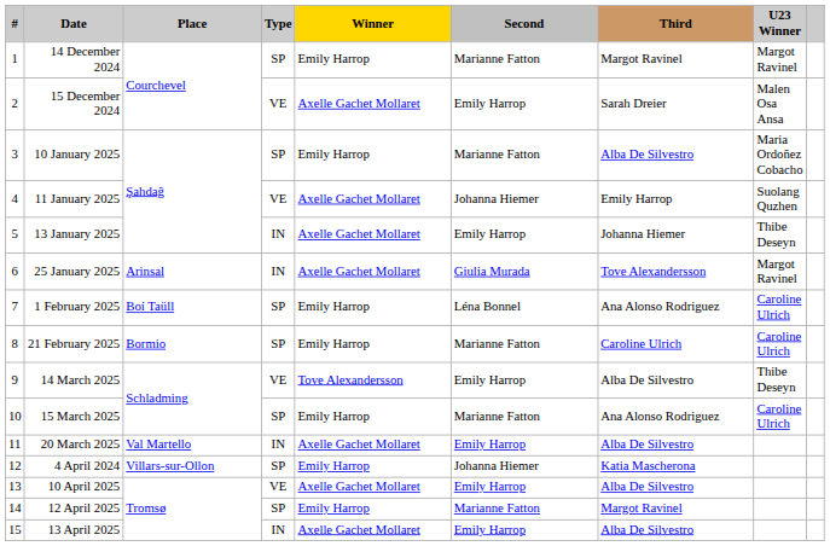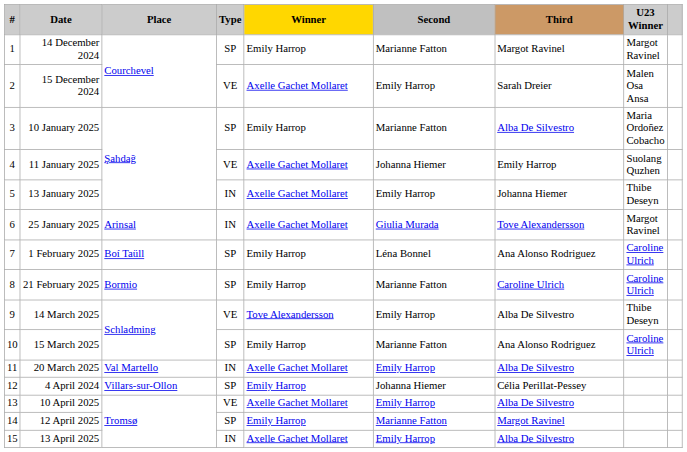 <table class="wikitable plainrowheaders" style="background:#fff; font-size:86%; line-height:16px; border:grey solid 1px; border-collapse:collapse;">
 <tr>
 <th scope="col" style="background:#ccc; width=30 px;">#</th>
 <th scope="col" style="background:#ccc; width:120px;">Date</th>
 <th scope="col" style="background:#ccc; width:180px;">Place</th>
 <th scope="col" style="background:#ccc;">Type</th>
 <th scope="col" style="background:gold; width:200px;">Winner</th>
 <th scope="col" style="background:silver; width:200px;">Second</th>
 <th scope="col" style="background:#c96; width:200px;">Third</th>
 <th scope="col" style="background:#ccc;">U23 Winner</th>
 <th scope="col" style="background:#ccc; width:20px;"></th>
 </tr>
 <tr>
 <td align="center">1</td>
 <td align="right">14 December 2024</td>
 <td rowspan="2"> <a href='#'>Courchevel</a></td>
 <td align="center">SP</td>
 <td> Emily Harrop</td>
 <td> Marianne Fatton</td>
 <td> Margot Ravinel</td>
 <td> Margot Ravinel</td>
 <td></td>
 </tr>
 <tr>
 <td align="center">2</td>
 <td align="right">15 December 2024</td>
 <td align="center">VE</td>
 <td> <a href='#'>Axelle Gachet Mollaret</a></td>
 <td> Emily Harrop</td>
 <td> Sarah Dreier</td>
 <td> Malen Osa Ansa</td>
 <td></td>
 </tr>
 <tr>
 <td align="center">3</td>
 <td align="right">10 January 2025</td>
 <td rowspan="3"> <a href='#'>Şahdağ</a></td>
 <td align="center">SP</td>
 <td> Emily Harrop</td>
 <td> Marianne Fatton</td>
 <td> <a href='#'>Alba De Silvestro</a></td>
 <td> Maria Ordoñez Cobacho</td>
 <td></td>
 </tr>
 <tr>
 <td align="center">4</td>
 <td align="right">11 January 2025</td>
 <td align="center">VE</td>
 <td> <a href='#'>Axelle Gachet Mollaret</a></td>
 <td> Johanna Hiemer</td>
 <td> Emily Harrop</td>
 <td> Suolang Quzhen</td>
 <td></td>
 </tr>
 <tr>
 <td align="center">5</td>
 <td align="right">13 January 2025</td>
 <td align="center">IN</td>
 <td> <a href='#'>Axelle Gachet Mollaret</a></td>
 <td> Emily Harrop</td>
 <td> Johanna Hiemer</td>
 <td> Thibe Deseyn</td>
 <td></td>
 </tr>
 <tr>
 <td align="center">6</td>
 <td align="right">25 January 2025</td>
 <td> <a href='#'>Arinsal</a></td>
 <td align="center">IN</td>
 <td> <a href='#'>Axelle Gachet Mollaret</a></td>
 <td> <a href='#'>Giulia Murada</a></td>
 <td> <a href='#'>Tove Alexandersson</a></td>
 <td> Margot Ravinel</td>
 <td></td>
 </tr>
 <tr>
 <td align="center">7</td>
 <td align="right">1 February 2025</td>
 <td> <a href='#'>Boí Taüll</a></td>
 <td align="center">SP</td>
 <td> Emily Harrop</td>
 <td> Léna Bonnel</td>
 <td> Ana Alonso Rodriguez</td>
 <td> <a href='#'>Caroline Ulrich</a></td>
 <td></td>
 </tr>
 <tr>
 <td align="center">8</td>
 <td align="right">21 February 2025</td>
 <td> <a href='#'>Bormio</a></td>
 <td align="center">SP</td>
 <td> Emily Harrop</td>
 <td> Marianne Fatton</td>
 <td> <a href='#'>Caroline Ulrich</a></td>
 <td> <a href='#'>Caroline Ulrich</a></td>
 <td></td>
 </tr>
 <tr>
 <td align="center">9</td>
 <td align="right">14 March 2025</td>
 <td rowspan="2"> <a href='#'>Schladming</a></td>
 <td align="center">VE</td>
 <td> <a href='#'>Tove Alexandersson</a></td>
 <td> Emily Harrop</td>
 <td> Alba De Silvestro</td>
 <td> Thibe Deseyn</td>
 <td></td>
 </tr>
 <tr>
 <td align="center">10</td>
 <td align="right">15 March 2025</td>
 <td align="center">SP</td>
 <td> Emily Harrop</td>
 <td> Marianne Fatton</td>
 <td> Ana Alonso Rodriguez</td>
 <td> <a href='#'>Caroline Ulrich</a></td>
 <td></td>
 </tr>
 <tr>
 <td align="center">11</td>
 <td align="right">20 March 2025</td>
 <td> <a href='#'>Val Martello</a></td>
 <td align="center">IN</td>
 <td> <a href='#'>Axelle Gachet Mollaret</a></td>
 <td> <a href='#'>Emily Harrop</a></td>
 <td> <a href='#'>Alba De Silvestro</a></td>
 <td></td>
 <td></td>
 </tr>
 <tr>
 <td align="center">12</td>
 <td align="right">4 April 2024</td>
 <td> <a href='#'>Villars-sur-Ollon</a></td>
 <td align="center">SP</td>
 <td> <a href='#'>Emily Harrop</a></td>
 <td> Johanna Hiemer</td>
-<td> <a href='#'>Katia Mascherona</a></td>
+<td> Célia Perillat-Pessey</td>
 <td></td>
 <td></td>
 </tr>
 <tr>
 <td align="center">13</td>
 <td align="right">10 April 2025</td>
 <td rowspan="3"> <a href='#'>Tromsø</a></td>
 <td align="center">VE</td>
 <td> <a href='#'>Axelle Gachet Mollaret</a></td>
 <td> <a href='#'>Emily Harrop</a></td>
 <td> <a href='#'>Alba De Silvestro</a></td>
 <td></td>
 <td></td>
 </tr>
 <tr>
 <td align="center">14</td>
 <td align="right">12 April 2025</td>
 <td align="center">SP</td>
 <td> <a href='#'>Emily Harrop</a></td>
 <td> <a href='#'>Marianne Fatton</a></td>
 <td> <a href='#'>Margot Ravinel</a></td>
 <td></td>
 <td></td>
 </tr>
 <tr>
 <td align="center">15</td>
 <td align="right">13 April 2025</td>
 <td align="center">IN</td>
 <td> <a href='#'>Axelle Gachet Mollaret</a></td>
 <td> <a href='#'>Emily Harrop</a></td>
 <td> <a href='#'>Alba De Silvestro</a></td>
 <td></td>
 <td></td>
 </tr>
 </table>
